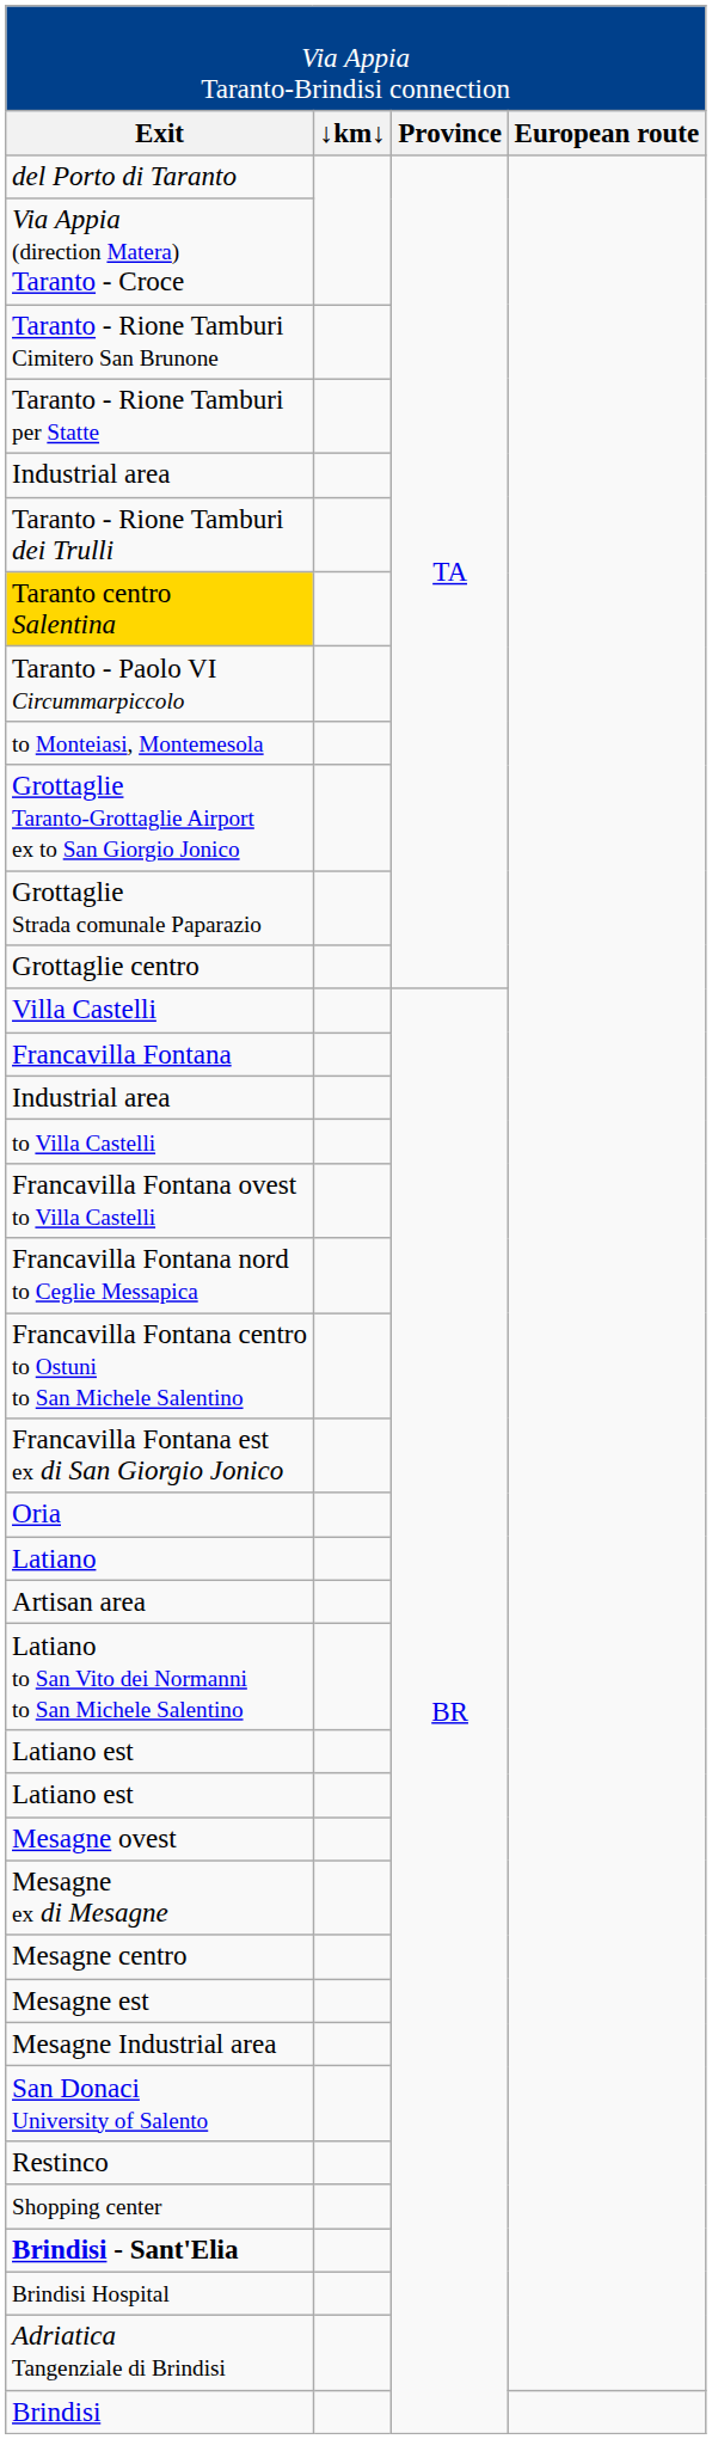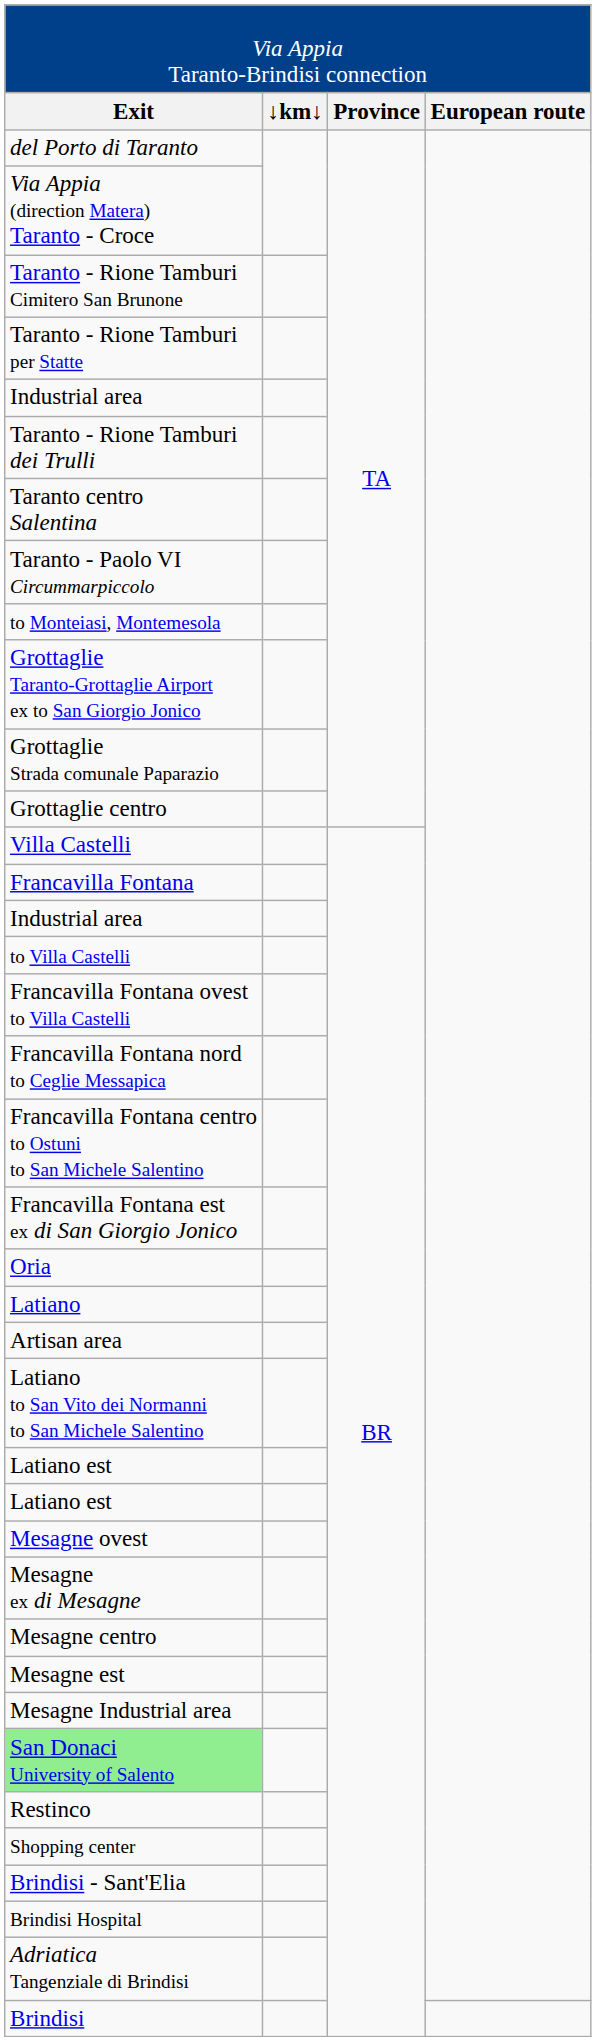 <table class="wikitable">
 <tr align="center" bgcolor="00408B" style="color: white;font-size:100%;">
 <td colspan="5"><br><em>Via Appia</em><br>Taranto-Brindisi connection</td>
 </tr>
 <tr>
 <th>Exit</th>
 <th>↓km↓</th>
 <th>Province</th>
 <th>European route</th>
 </tr>
 <tr>
 <td>   <em>del Porto di Taranto</em></td>
 <td rowspan=2 align="right"></td>
 <td rowspan=12 align="center"><a href='#'>TA</a></td>
 <td rowspan=37 align="center"></td>
 </tr>
 <tr>
 <td>   <em>Via Appia</em> <br><small>(direction <a href='#'>Matera</a>)</small><br> <a href='#'>Taranto</a> - Croce</td>
 </tr>
 <tr>
 <td>  <a href='#'>Taranto</a> - Rione Tamburi<br> <small>Cimitero San Brunone</small></td>
 <td align="right"></td>
 </tr>
 <tr>
 <td> Taranto - Rione Tamburi<br> <small>per <a href='#'>Statte</a></small></td>
 <td align="right"></td>
 </tr>
 <tr>
 <td>  Industrial area</td>
 <td align="right"></td>
 </tr>
 <tr>
 <td> Taranto - Rione Tamburi<br> <em>dei Trulli</em></td>
 <td align="right"></td>
 </tr>
 <tr>
-<td style="background: gold;"> Taranto centro<br> <em>Salentina</em></td>
+<td> Taranto centro<br> <em>Salentina</em></td>
 <td align="right"></td>
 </tr>
 <tr>
 <td> Taranto - Paolo VI<br> <small><em>Circummarpiccolo</em></small></td>
 <td align="right"></td>
 </tr>
 <tr>
 <td>  <small>to <a href='#'>Monteiasi</a>, <a href='#'>Montemesola</a></small></td>
 <td align="right"></td>
 </tr>
 <tr>
 <td> <a href='#'>Grottaglie</a> <br> <small><a href='#'>Taranto-Grottaglie Airport</a></small> <br>  <small>ex  to <a href='#'>San Giorgio Jonico</a></small></td>
 <td align="right"></td>
 </tr>
 <tr>
 <td> Grottaglie <br><small>Strada comunale Paparazio</small></td>
 <td align="right"></td>
 </tr>
 <tr>
 <td> Grottaglie centro</td>
 <td align="right"></td>
 </tr>
 <tr>
 <td> <a href='#'>Villa Castelli</a></td>
 <td align="right"></td>
 <td rowspan=26 align="center"><a href='#'>BR</a></td>
 </tr>
 <tr>
 <td> <a href='#'>Francavilla Fontana</a></td>
 <td align="right"></td>
 </tr>
 <tr>
 <td>  Industrial area</td>
 <td align="right"></td>
 </tr>
 <tr>
 <td>  <small>to <a href='#'>Villa Castelli</a> </small></td>
 <td align="right"></td>
 </tr>
 <tr>
 <td> Francavilla Fontana ovest<br> <small>to <a href='#'>Villa Castelli</a></small></td>
 <td align="right"></td>
 </tr>
 <tr>
 <td> Francavilla Fontana nord<br> <small>to <a href='#'>Ceglie Messapica</a></small></td>
 <td align="right"></td>
 </tr>
 <tr>
 <td> Francavilla Fontana centro<br> <small>to <a href='#'>Ostuni</a></small><br> <small>to <a href='#'>San Michele Salentino</a></small></td>
 <td align="right"></td>
 </tr>
 <tr>
 <td> Francavilla Fontana est <br><small>ex</small> <em>di San Giorgio Jonico</em></td>
 <td align="right"></td>
 </tr>
 <tr>
 <td> <a href='#'>Oria</a></td>
 <td align="right"></td>
 </tr>
 <tr>
 <td> <a href='#'>Latiano</a></td>
 <td align="right"></td>
 </tr>
 <tr>
 <td>  Artisan area</td>
 <td align="right"></td>
 </tr>
 <tr>
 <td> Latiano<br> <small>to <a href='#'>San Vito dei Normanni</a></small> <br> <small>to <a href='#'>San Michele Salentino</a></small></td>
 <td align="right"></td>
 </tr>
 <tr>
 <td> Latiano est</td>
 <td align="right"></td>
 </tr>
 <tr>
 <td> Latiano est</td>
 <td align="right"></td>
 </tr>
 <tr>
 <td> <a href='#'>Mesagne</a> ovest</td>
 <td align="right"></td>
 </tr>
 <tr>
 <td> Mesagne<br> <small>ex</small>  <em>di Mesagne</em></td>
 <td align="right"></td>
 </tr>
 <tr>
 <td> Mesagne centro</td>
 <td align="right"></td>
 </tr>
 <tr>
 <td> Mesagne est</td>
 <td align="right"></td>
 </tr>
 <tr>
 <td> Mesagne  Industrial area</td>
 <td align="right"></td>
 </tr>
 <tr>
-<td> <a href='#'>San Donaci</a><br> <small><a href='#'>University of Salento</a></small></td>
+<td style="background: lightgreen;"> <a href='#'>San Donaci</a><br> <small><a href='#'>University of Salento</a></small></td>
 <td align="right"></td>
 </tr>
 <tr>
 <td> Restinco</td>
 <td align="right"></td>
 </tr>
 <tr>
 <td>  <small>Shopping center</small></td>
 <td align="right"></td>
 </tr>
 <tr>
-<td><strong> <a href='#'>Brindisi</a> - Sant'Elia</strong></td>
+<td> <a href='#'>Brindisi</a> - Sant'Elia</td>
 <td align="right"></td>
 </tr>
 <tr>
 <td>  <small>Brindisi Hospital</small></td>
 <td align="right"></td>
 </tr>
 <tr>
 <td>    <em>Adriatica</em> <br><small>Tangenziale di Brindisi</small></td>
 <td align="right"></td>
 </tr>
 <tr>
 <td> <a href='#'>Brindisi</a></td>
 <td align="right"></td>
 </tr>
 </table>
